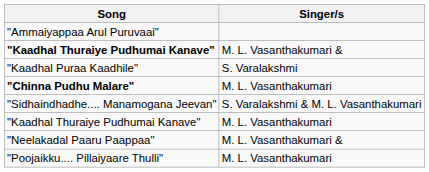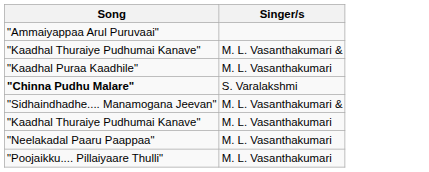 <table class="wikitable" style="font-size:95%;">
 <tr>
 <th>Song</th>
 <th>Singer/s</th>
 </tr>
 <tr>
 <td>"Ammaiyappaa Arul Puruvaai"</td>
 <td></td>
 </tr>
 <tr>
-<td><strong>"Kaadhal Thuraiye Pudhumai Kanave"</strong></td>
+<td>"Kaadhal Thuraiye Pudhumai Kanave"</td>
 <td>M. L. Vasanthakumari &</td>
 </tr>
 <tr>
 <td>"Kaadhal Puraa Kaadhile"</td>
+<td>M. L. Vasanthakumari</td>
+</tr>
+<tr>
+<td><strong>"Chinna Pudhu Malare"</strong></td>
 <td>S. Varalakshmi</td>
 </tr>
 <tr>
-<td><strong>"Chinna Pudhu Malare"</strong></td>
-<td>M. L. Vasanthakumari</td>
-</tr>
-<tr>
 <td>"Sidhaindhadhe.... Manamogana Jeevan"</td>
-<td>S. Varalakshmi & M. L. Vasanthakumari</td>
+<td>M. L. Vasanthakumari &</td>
 </tr>
 <tr>
 <td>"Kaadhal Thuraiye Pudhumai Kanave"</td>
 <td>M. L. Vasanthakumari</td>
 </tr>
 <tr>
 <td>"Neelakadal Paaru Paappaa"</td>
-<td>M. L. Vasanthakumari &</td>
+<td>M. L. Vasanthakumari</td>
 </tr>
 <tr>
 <td>"Poojaikku.... Pillaiyaare Thulli"</td>
 <td>M. L. Vasanthakumari</td>
 </tr>
 </table>
